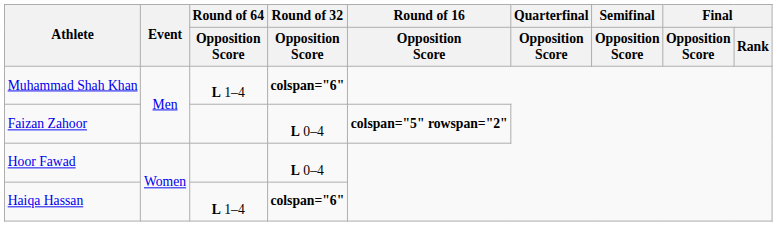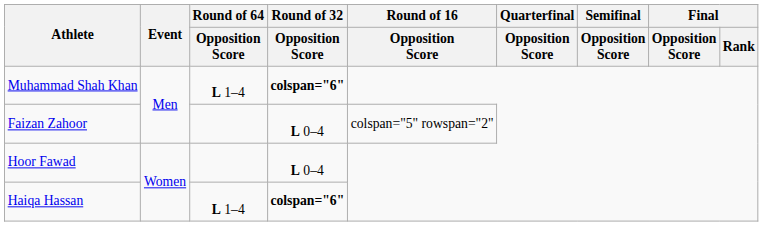 <table class=wikitable style=font-size:90%;text-align:center>
 <tr>
 <th rowspan="2">Athlete</th>
 <th rowspan="2">Event</th>
 <th>Round of 64</th>
 <th>Round of 32</th>
 <th>Round of 16</th>
 <th>Quarterfinal</th>
 <th>Semifinal</th>
 <th colspan="2">Final</th>
 </tr>
 <tr>
 <th>Opposition<br>Score</th>
 <th>Opposition<br>Score</th>
 <th>Opposition<br>Score</th>
 <th>Opposition<br>Score</th>
 <th>Opposition<br>Score</th>
 <th>Opposition<br>Score</th>
 <th>Rank</th>
 </tr>
 <tr>
 <td align=left><a href='#'>Muhammad Shah Khan</a></td>
 <td rowspan="2"><a href='#'>Men</a></td>
 <td><br><strong>L</strong> 1–4</td>
 <td><strong>colspan="6"</strong></td>
 </tr>
 <tr>
 <td align=left><a href='#'>Faizan Zahoor</a></td>
 <td></td>
 <td><br><strong>L</strong> 0–4</td>
-<td><strong>colspan="5" rowspan="2"</strong></td>
+<td>colspan="5" rowspan="2"</td>
 </tr>
 <tr>
 <td align=left><a href='#'>Hoor Fawad</a></td>
 <td rowspan="2"><a href='#'>Women</a></td>
 <td></td>
 <td><br><strong>L</strong> 0–4</td>
 </tr>
 <tr>
 <td align=left><a href='#'>Haiqa Hassan</a></td>
 <td><br><strong>L</strong> 1–4</td>
 <td><strong>colspan="6"</strong></td>
 </tr>
 </table>
